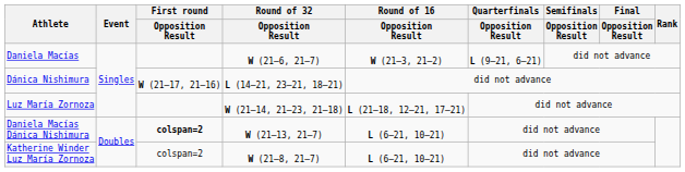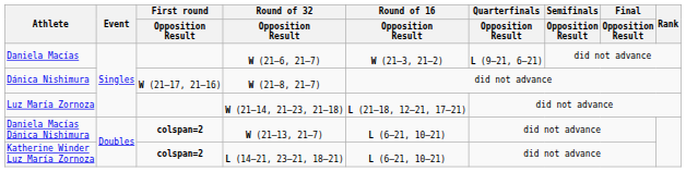 <table class="wikitable" style="font-size:90%">
 <tr>
 <th rowspan="2">Athlete</th>
 <th rowspan="2">Event</th>
 <th>First round</th>
 <th>Round of 32</th>
 <th>Round of 16</th>
 <th>Quarterfinals</th>
 <th>Semifinals</th>
 <th>Final</th>
 <th rowspan="2">Rank</th>
 </tr>
 <tr>
 <th>Opposition<br>Result</th>
 <th>Opposition<br>Result</th>
 <th>Opposition<br>Result</th>
 <th>Opposition<br>Result</th>
 <th>Opposition<br>Result</th>
 <th>Opposition<br>Result</th>
 </tr>
 <tr align=center>
 <td align=left><a href='#'>Daniela Macías</a></td>
 <td align=left rowspan=3><a href='#'>Singles</a></td>
 <td></td>
 <td><br><strong>W</strong> (21–6, 21–7)</td>
 <td><br><strong>W</strong> (21–3, 21–2)</td>
 <td><br><strong>L</strong> (9–21, 6–21)</td>
 <td colspan=3>did not advance</td>
 </tr>
 <tr align=center>
 <td align=left><a href='#'>Dánica Nishimura</a></td>
 <td><br><strong>W</strong> (21–17, 21–16)</td>
-<td><br><strong>L</strong> (14–21, 23–21, 18–21)</td>
+<td><br><strong>W</strong> (21–8, 21–7)</td>
 <td colspan=5>did not advance</td>
 </tr>
 <tr align=center>
 <td align=left><a href='#'>Luz María Zornoza</a></td>
 <td></td>
 <td><br><strong>W</strong> (21–14, 21–23, 21–18)</td>
 <td><br><strong>L</strong> (21–18, 12–21, 17–21)</td>
 <td colspan=4>did not advance</td>
 </tr>
 <tr align=center>
 <td align=left><a href='#'>Daniela Macías</a><br><a href='#'>Dánica Nishimura</a></td>
 <td align=left rowspan=2><a href='#'>Doubles</a></td>
 <td><strong>colspan=2 </strong></td>
 <td><br><strong>W</strong> (21–13, 21–7)</td>
 <td><br><strong>L</strong> (6–21, 10–21)</td>
 <td colspan=3>did not advance</td>
 </tr>
 <tr align=center>
 <td align=left><a href='#'>Katherine Winder</a><br><a href='#'>Luz María Zornoza</a></td>
-<td>colspan=2 </td>
-<td><br><strong>W</strong> (21–8, 21–7)</td>
+<td><strong>colspan=2 </strong></td>
+<td><br><strong>L</strong> (14–21, 23–21, 18–21)</td>
 <td><br><strong>L</strong> (6–21, 10–21)</td>
 <td colspan=3>did not advance</td>
 </tr>
 </table>
